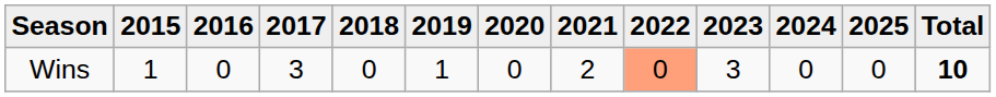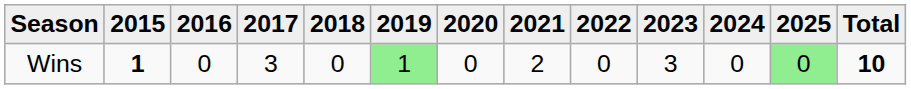 <table class="wikitable">
 <tr style=background:#efefef;font-weight:bold>
 <td>Season</td>
 <td>2015</td>
 <td>2016</td>
 <td>2017</td>
 <td>2018</td>
 <td>2019</td>
 <td>2020</td>
 <td>2021</td>
 <td>2022</td>
 <td>2023</td>
 <td>2024</td>
 <td>2025</td>
 <td>Total</td>
 </tr>
 <tr align=center>
 <td>Wins</td>
-<td>1</td>
+<td><strong>1</strong></td>
 <td>0</td>
 <td>3</td>
 <td>0</td>
-<td>1</td>
+<td style="background: lightgreen;">1</td>
 <td>0</td>
 <td>2</td>
-<td style="background: lightsalmon;">0</td>
+<td>0</td>
 <td>3</td>
 <td>0</td>
-<td>0</td>
+<td style="background: lightgreen;">0</td>
 <td><strong>10</strong></td>
 </tr>
 </table>
